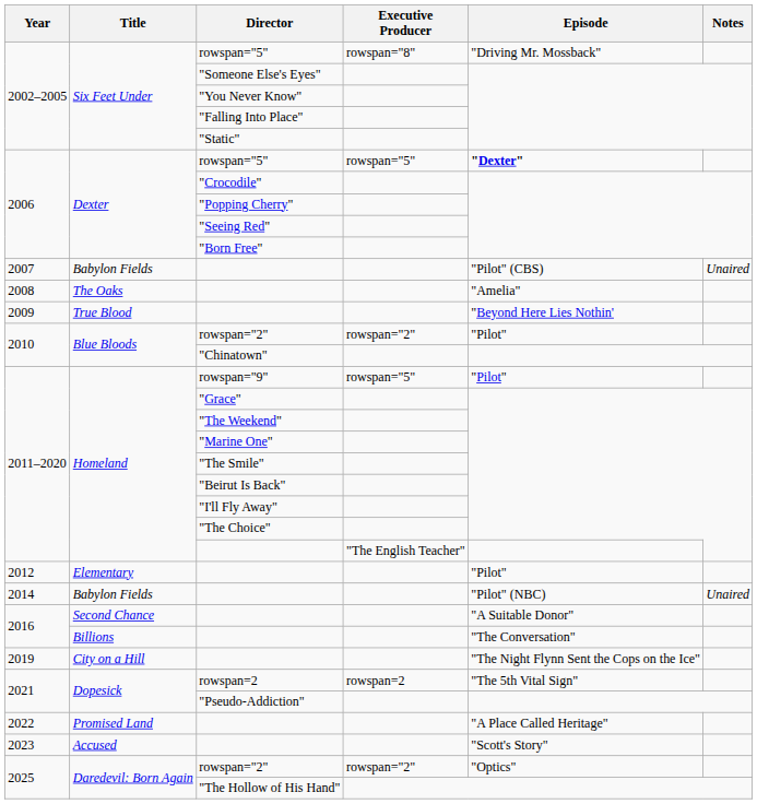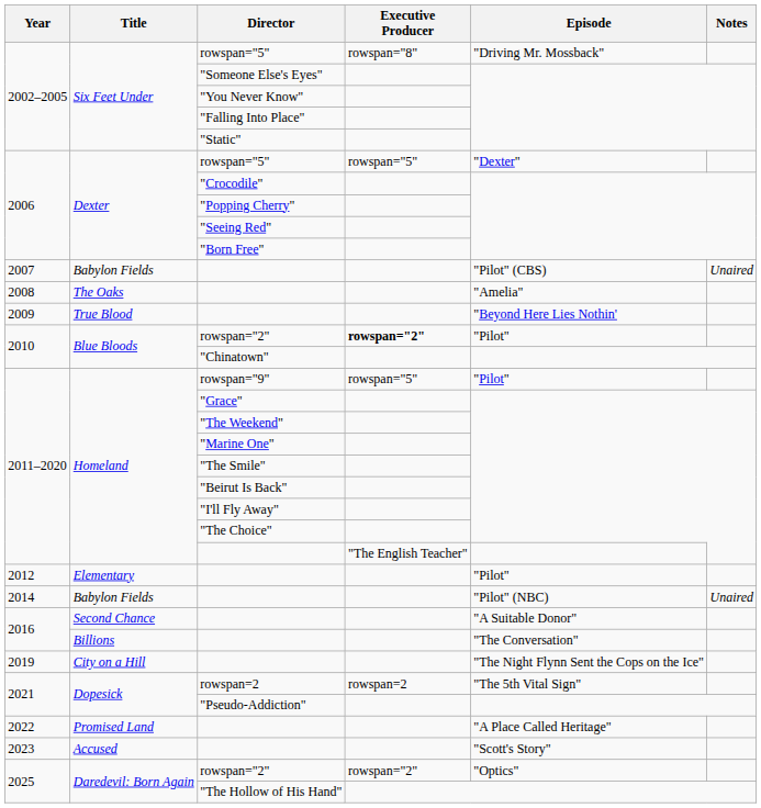 <table class="wikitable" style="font-size: 95%;">
 <tr>
 <th>Year</th>
 <th>Title</th>
 <th>Director</th>
 <th>Executive<br>Producer</th>
 <th>Episode</th>
 <th>Notes</th>
 </tr>
 <tr>
 <td rowspan="5">2002–2005</td>
 <td rowspan="5"><em><a href='#'>Six Feet Under</a></em></td>
 <td>rowspan="5" </td>
 <td>rowspan="8" </td>
 <td>"Driving Mr. Mossback"</td>
 <td></td>
 </tr>
 <tr>
 <td>"Someone Else's Eyes"</td>
 <td></td>
 </tr>
 <tr>
 <td>"You Never Know"</td>
 <td></td>
 </tr>
 <tr>
 <td>"Falling Into Place"</td>
 <td></td>
 </tr>
 <tr>
 <td>"Static"</td>
 <td></td>
 </tr>
 <tr>
 <td rowspan="5">2006</td>
 <td rowspan="5"><em><a href='#'>Dexter</a></em></td>
 <td>rowspan="5" </td>
 <td>rowspan="5" </td>
-<td><strong>"<a href='#'>Dexter</a>"</strong></td>
+<td>"<a href='#'>Dexter</a>"</td>
 <td></td>
 </tr>
 <tr>
 <td>"<a href='#'>Crocodile</a>"</td>
 <td></td>
 </tr>
 <tr>
 <td>"<a href='#'>Popping Cherry</a>"</td>
 <td></td>
 </tr>
 <tr>
 <td>"<a href='#'>Seeing Red</a>"</td>
 <td></td>
 </tr>
 <tr>
 <td>"<a href='#'>Born Free</a>"</td>
 <td></td>
 </tr>
 <tr>
 <td>2007</td>
 <td><em>Babylon Fields</em></td>
 <td></td>
 <td></td>
 <td>"Pilot" (CBS)</td>
 <td><em>Unaired</em></td>
 </tr>
 <tr>
 <td>2008</td>
 <td><em><a href='#'>The Oaks</a></em></td>
 <td></td>
 <td></td>
 <td>"Amelia"</td>
 <td></td>
 </tr>
 <tr>
 <td>2009</td>
 <td><em><a href='#'>True Blood</a></em></td>
 <td></td>
 <td></td>
 <td>"<a href='#'>Beyond Here Lies Nothin'</a></td>
 <td></td>
 </tr>
 <tr>
 <td rowspan="2">2010</td>
 <td rowspan="2"><em><a href='#'>Blue Bloods</a></em></td>
 <td>rowspan="2" </td>
-<td>rowspan="2" </td>
+<td><strong>rowspan="2" </strong></td>
 <td>"Pilot"</td>
 <td></td>
 </tr>
 <tr>
 <td>"Chinatown"</td>
 <td></td>
 </tr>
 <tr>
 <td rowspan="9">2011–2020</td>
 <td rowspan="9"><em><a href='#'>Homeland</a></em></td>
 <td>rowspan="9" </td>
 <td>rowspan="5" </td>
 <td>"<a href='#'>Pilot</a>"</td>
 <td></td>
 </tr>
 <tr>
 <td>"<a href='#'>Grace</a>"</td>
 <td></td>
 </tr>
 <tr>
 <td>"<a href='#'>The Weekend</a>"</td>
 <td></td>
 </tr>
 <tr>
 <td>"<a href='#'>Marine One</a>"</td>
 <td></td>
 </tr>
 <tr>
 <td>"The Smile"</td>
 <td></td>
 </tr>
 <tr>
 <td>"Beirut Is Back"</td>
 <td></td>
 </tr>
 <tr>
 <td>"I'll Fly Away"</td>
 <td></td>
 </tr>
 <tr>
 <td>"The Choice"</td>
 <td></td>
 </tr>
 <tr>
 <td></td>
 <td>"The English Teacher"</td>
 <td></td>
 </tr>
 <tr>
 <td>2012</td>
 <td><em><a href='#'>Elementary</a></em></td>
 <td></td>
 <td></td>
 <td>"Pilot"</td>
 <td></td>
 </tr>
 <tr>
 <td>2014</td>
 <td><em>Babylon Fields</em></td>
 <td></td>
 <td></td>
 <td>"Pilot" (NBC)</td>
 <td><em>Unaired</em></td>
 </tr>
 <tr>
 <td rowspan="2">2016</td>
 <td><em><a href='#'>Second Chance</a></em></td>
 <td></td>
 <td></td>
 <td>"A Suitable Donor"</td>
 <td></td>
 </tr>
 <tr>
 <td><em><a href='#'>Billions</a></em></td>
 <td></td>
 <td></td>
 <td>"The Conversation"</td>
 <td></td>
 </tr>
 <tr>
 <td>2019</td>
 <td><em><a href='#'>City on a Hill</a></em></td>
 <td></td>
 <td></td>
 <td>"The Night Flynn Sent the Cops on the Ice"</td>
 <td></td>
 </tr>
 <tr>
 <td rowspan=2>2021</td>
 <td rowspan=2><em><a href='#'>Dopesick</a></em></td>
 <td>rowspan=2 </td>
 <td>rowspan=2 </td>
 <td>"The 5th Vital Sign"</td>
 <td></td>
 </tr>
 <tr>
 <td>"Pseudo-Addiction"</td>
 <td></td>
 </tr>
 <tr>
 <td>2022</td>
 <td><em><a href='#'>Promised Land</a></em></td>
 <td></td>
 <td></td>
 <td>"A Place Called Heritage"</td>
 <td></td>
 </tr>
 <tr>
 <td>2023</td>
 <td><em><a href='#'>Accused</a></em></td>
 <td></td>
 <td></td>
 <td>"Scott's Story"</td>
 <td></td>
 </tr>
 <tr>
 <td rowspan="2">2025</td>
 <td rowspan="2"><em><a href='#'>Daredevil: Born Again</a></em></td>
 <td>rowspan="2" </td>
 <td>rowspan="2" </td>
 <td>"Optics"</td>
 <td></td>
 </tr>
 <tr>
 <td>"The Hollow of His Hand"</td>
 </tr>
 </table>
